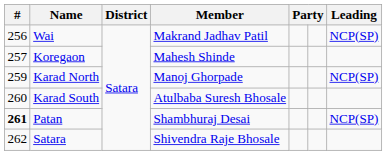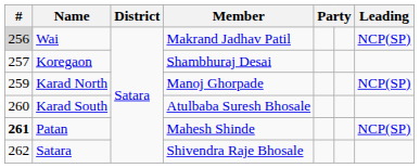 <table class="wikitable">
 <tr>
 <th>#</th>
 <th>Name</th>
 <th>District</th>
 <th>Member</th>
 <th colspan="2">Party</th>
 <th colspan=2>Leading<br></th>
 </tr>
 <tr>
-<td>256</td>
+<td style="background: lightgrey;">256</td>
 <td><a href='#'>Wai</a></td>
 <td rowspan="6"><a href='#'>Satara</a></td>
 <td><a href='#'>Makrand Jadhav Patil</a></td>
 <td></td>
 <td style="background-color: "></td>
 <td><a href='#'>NCP(SP)</a></td>
 </tr>
 <tr>
 <td>257</td>
 <td><a href='#'>Koregaon</a></td>
-<td><a href='#'>Mahesh Shinde</a></td>
+<td><a href='#'>Shambhuraj Desai</a></td>
 <td></td>
 <td></td>
 </tr>
 <tr>
 <td>259</td>
 <td><a href='#'>Karad North</a></td>
 <td><a href='#'>Manoj Ghorpade</a></td>
 <td></td>
 <td style="background-color: "></td>
 <td><a href='#'>NCP(SP)</a></td>
 </tr>
 <tr>
 <td>260</td>
 <td><a href='#'>Karad South</a></td>
 <td><a href='#'>Atulbaba Suresh Bhosale</a></td>
 <td></td>
 <td></td>
 </tr>
 <tr>
 <td><strong>261</strong></td>
 <td><a href='#'>Patan</a></td>
-<td><a href='#'>Shambhuraj Desai</a></td>
+<td><a href='#'>Mahesh Shinde</a></td>
 <td></td>
 <td style="background-color: "></td>
 <td><a href='#'>NCP(SP)</a></td>
 </tr>
 <tr>
 <td>262</td>
 <td><a href='#'>Satara</a></td>
 <td><a href='#'>Shivendra Raje Bhosale</a></td>
 <td></td>
 <td></td>
 </tr>
 </table>
